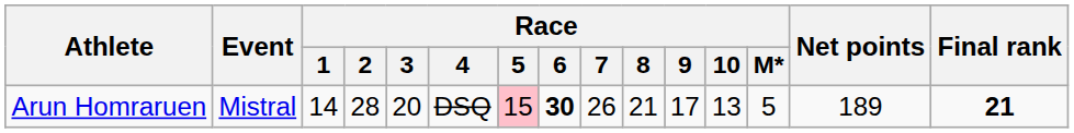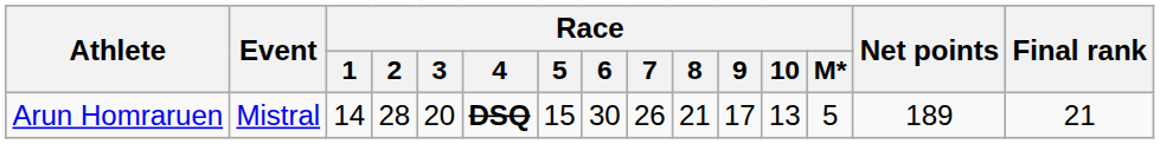 <table class="wikitable" style="font-size:90%">
 <tr>
 <th rowspan=2>Athlete</th>
 <th rowspan=2>Event</th>
 <th colspan=11>Race</th>
 <th rowspan=2>Net points</th>
 <th rowspan=2>Final rank</th>
 </tr>
 <tr style="font-size:95%">
 <th>1</th>
 <th>2</th>
 <th>3</th>
 <th>4</th>
 <th>5</th>
 <th>6</th>
 <th>7</th>
 <th>8</th>
 <th>9</th>
 <th>10</th>
 <th>M*</th>
 </tr>
 <tr align=center>
 <td align=left><a href='#'>Arun Homraruen</a></td>
 <td align=left><a href='#'>Mistral</a></td>
 <td>14</td>
 <td>28</td>
 <td>20</td>
-<td><s>DSQ</s></td>
-<td style="background: pink;">15</td>
-<td><strong>30</strong></td>
+<td><strong><s>DSQ</s></strong></td>
+<td>15</td>
+<td>30</td>
 <td>26</td>
 <td>21</td>
 <td>17</td>
 <td>13</td>
 <td>5</td>
 <td>189</td>
-<td><strong>21</strong></td>
+<td>21</td>
 </tr>
 </table>
